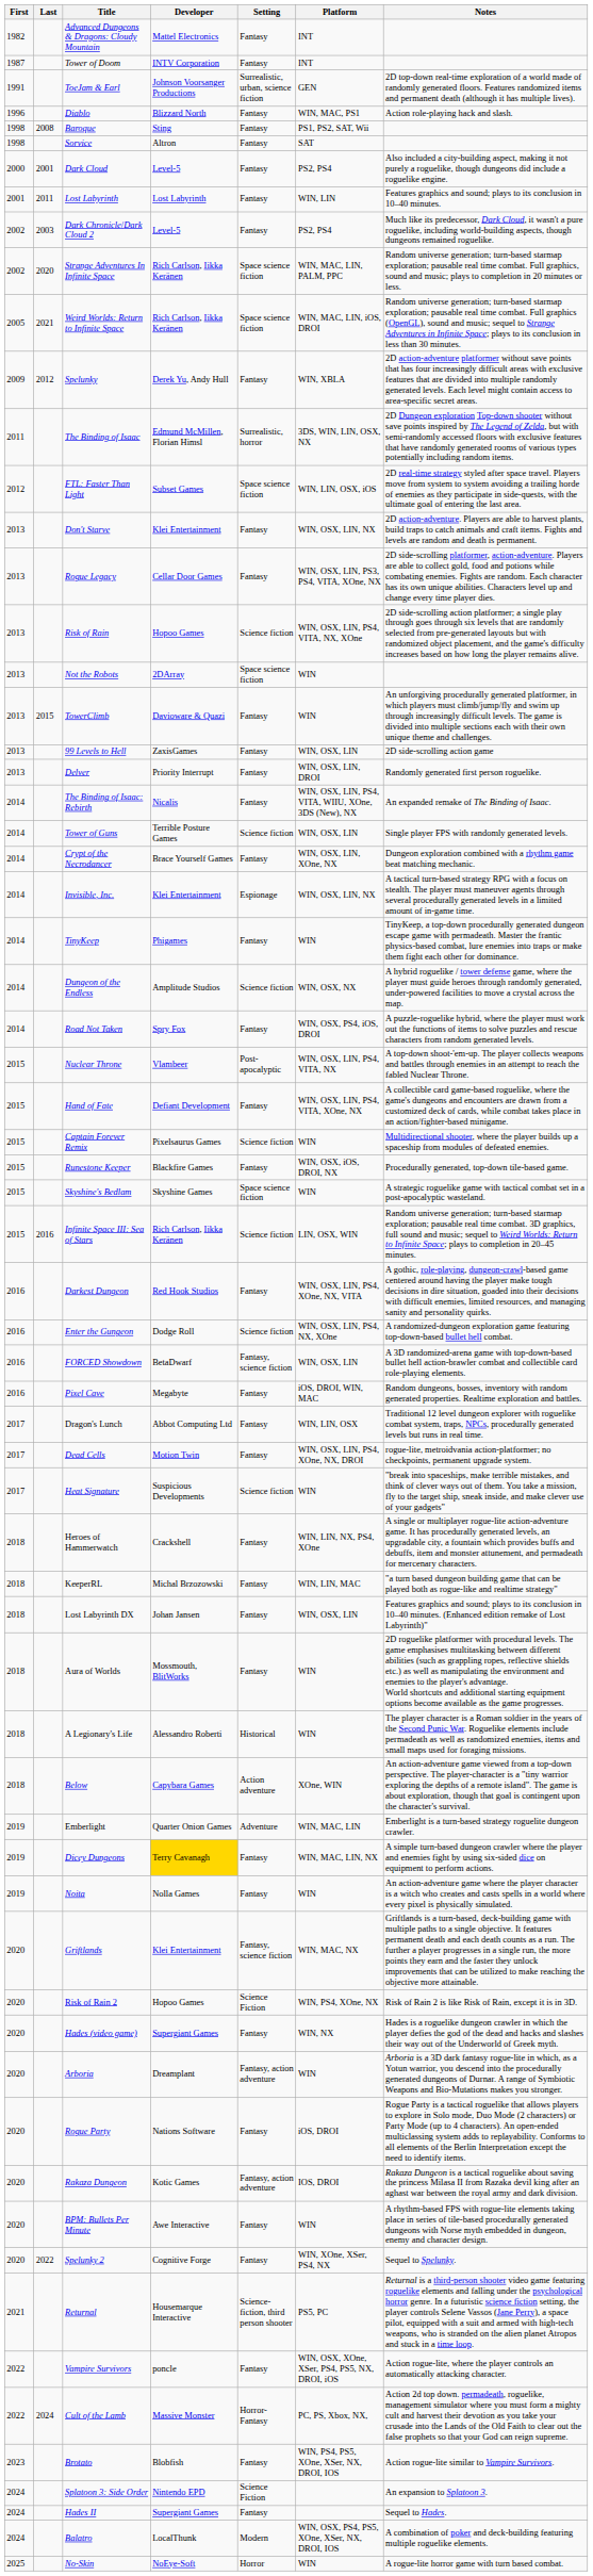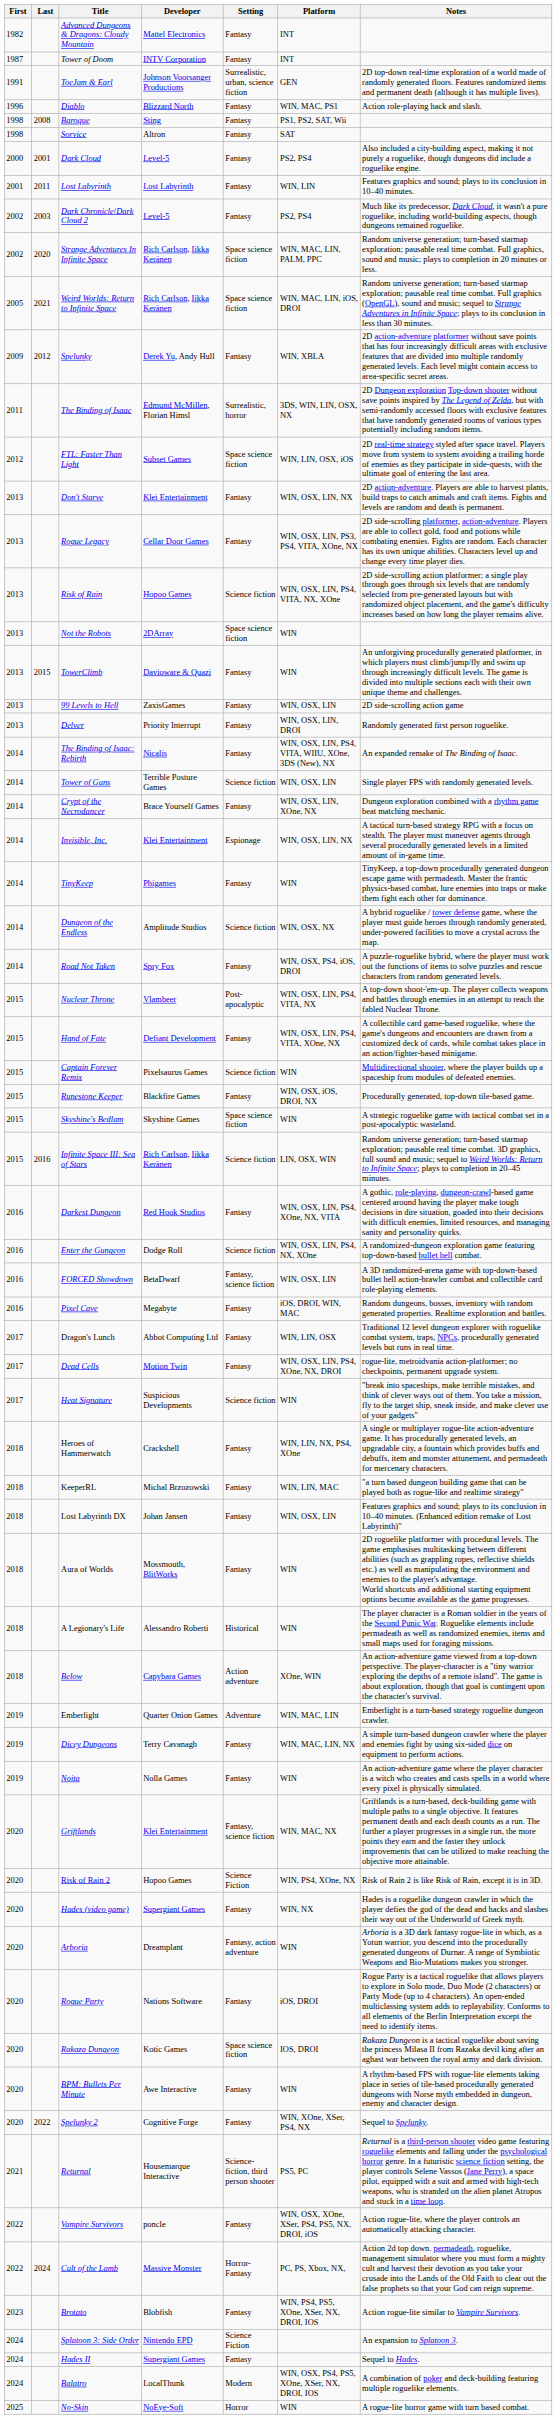 <table class="wikitable sortable" style="font-size:85%;width:100%;">
 <tr>
 <th style="width:5%;">First</th>
 <th style="width:5%;">Last</th>
 <th style="width:15%;">Title</th>
 <th style="width:15%;">Developer</th>
 <th style="width:10%;">Setting</th>
 <th style="width:15%;">Platform</th>
 <th style="width:35%;">Notes</th>
 </tr>
 <tr>
 <td>1982</td>
 <td></td>
 <td><em><a href='#'>Advanced Dungeons & Dragons: Cloudy Mountain</a></em></td>
 <td><a href='#'>Mattel Electronics</a></td>
 <td>Fantasy</td>
 <td>INT</td>
 <td></td>
 </tr>
 <tr>
 <td>1987</td>
 <td></td>
 <td><em>Tower of Doom</em></td>
 <td><a href='#'>INTV Corporation</a></td>
 <td>Fantasy</td>
 <td>INT</td>
 <td></td>
 </tr>
 <tr>
 <td>1991</td>
 <td></td>
 <td><em><a href='#'>ToeJam & Earl</a></em></td>
 <td><a href='#'>Johnson Voorsanger Productions</a></td>
 <td>Surrealistic, urban, science fiction</td>
 <td>GEN</td>
 <td>2D top-down real-time exploration of a world made of randomly generated floors. Features randomized items and permanent death (although it has multiple lives).</td>
 </tr>
 <tr>
 <td>1996</td>
 <td></td>
 <td><em><a href='#'>Diablo</a></em></td>
 <td><a href='#'>Blizzard North</a></td>
 <td>Fantasy</td>
 <td>WIN, MAC, PS1</td>
 <td>Action role-playing hack and slash.</td>
 </tr>
 <tr>
 <td>1998</td>
 <td>2008</td>
 <td><em><a href='#'>Baroque</a></em></td>
 <td><a href='#'>Sting</a></td>
 <td>Fantasy</td>
 <td>PS1, PS2, SAT, Wii</td>
 <td></td>
 </tr>
 <tr>
 <td>1998</td>
 <td></td>
 <td><em><a href='#'>Sorvice</a></em></td>
 <td>Altron</td>
 <td>Fantasy</td>
 <td>SAT</td>
 <td></td>
 </tr>
 <tr>
 <td>2000</td>
 <td>2001</td>
 <td><em><a href='#'>Dark Cloud</a></em></td>
 <td><a href='#'>Level-5</a></td>
 <td>Fantasy</td>
 <td>PS2, PS4</td>
 <td>Also included a city-building aspect, making it not purely a roguelike, though dungeons did include a roguelike engine.</td>
 </tr>
 <tr>
 <td>2001</td>
 <td>2011</td>
 <td><em><a href='#'>Lost Labyrinth</a></em></td>
 <td><a href='#'>Lost Labyrinth</a></td>
 <td>Fantasy</td>
 <td>WIN, LIN</td>
 <td>Features graphics and sound; plays to its conclusion in 10–40 minutes.</td>
 </tr>
 <tr>
 <td>2002</td>
 <td>2003</td>
 <td><a href='#'><em>Dark Chronicle</em>/<em>Dark Cloud 2</em></a></td>
 <td><a href='#'>Level-5</a></td>
 <td>Fantasy</td>
 <td>PS2, PS4</td>
 <td>Much like its predecessor, <em><a href='#'>Dark Cloud</a></em>, it wasn't a pure roguelike, including world-building aspects, though dungeons remained roguelike.</td>
 </tr>
 <tr>
 <td>2002</td>
 <td>2020</td>
 <td><em><a href='#'>Strange Adventures In Infinite Space</a></em></td>
 <td><a href='#'>Rich Carlson</a>, <a href='#'>Iikka Keränen</a></td>
 <td>Space science fiction</td>
 <td>WIN, MAC, LIN, PALM, PPC</td>
 <td>Random universe generation; turn-based starmap exploration; pausable real time combat. Full graphics, sound and music; plays to completion in 20 minutes or less.</td>
 </tr>
 <tr>
 <td>2005</td>
 <td>2021</td>
 <td><em><a href='#'>Weird Worlds: Return to Infinite Space</a></em></td>
 <td><a href='#'>Rich Carlson</a>, <a href='#'>Iikka Keränen</a></td>
 <td>Space science fiction</td>
 <td>WIN, MAC, LIN, iOS, DROI</td>
 <td>Random universe generation; turn-based starmap exploration; pausable real time combat. Full graphics (<a href='#'>OpenGL</a>), sound and music; sequel to <em><a href='#'>Strange Adventures in Infinite Space</a></em>; plays to its conclusion in less than 30 minutes.</td>
 </tr>
 <tr>
 <td>2009</td>
 <td>2012</td>
 <td><em><a href='#'>Spelunky</a></em></td>
 <td><a href='#'>Derek Yu</a>, Andy Hull</td>
 <td>Fantasy</td>
 <td>WIN, XBLA</td>
 <td>2D <a href='#'>action-adventure</a> <a href='#'>platformer</a> without save points that has four increasingly difficult areas with exclusive features that are divided into multiple randomly generated levels. Each level might contain access to area-specific secret areas.</td>
 </tr>
 <tr>
 <td>2011</td>
 <td></td>
 <td><em><a href='#'>The Binding of Isaac</a></em></td>
 <td><a href='#'>Edmund McMillen</a>, Florian Himsl</td>
 <td>Surrealistic, horror</td>
 <td>3DS, WIN, LIN, OSX, NX</td>
 <td>2D <a href='#'>Dungeon exploration</a> <a href='#'>Top-down shooter</a> without save points inspired by <em><a href='#'>The Legend of Zelda</a></em>, but with semi-randomly accessed floors with exclusive features that have randomly generated rooms of various types potentially including random items.</td>
 </tr>
 <tr>
 <td>2012</td>
 <td></td>
 <td><em><a href='#'>FTL: Faster Than Light</a></em></td>
 <td><a href='#'>Subset Games</a></td>
 <td>Space science fiction</td>
 <td>WIN, LIN, OSX, iOS</td>
 <td>2D <a href='#'>real-time strategy</a> styled after space travel. Players move from system to system avoiding a trailing horde of enemies as they participate in side-quests, with the ultimate goal of entering the last area.</td>
 </tr>
 <tr>
 <td>2013</td>
 <td></td>
 <td><em><a href='#'>Don't Starve</a></em></td>
 <td><a href='#'>Klei Entertainment</a></td>
 <td>Fantasy</td>
 <td>WIN, OSX, LIN, NX</td>
 <td>2D <a href='#'>action-adventure</a>.  Players are able to harvest plants, build traps to catch animals and craft items. Fights and levels are random and death is permanent.</td>
 </tr>
 <tr>
 <td>2013</td>
 <td></td>
 <td><em><a href='#'>Rogue Legacy</a></em></td>
 <td><a href='#'>Cellar Door Games</a></td>
 <td>Fantasy</td>
 <td>WIN, OSX, LIN, PS3, PS4, VITA, XOne, NX</td>
 <td>2D side-scrolling <a href='#'>platformer</a>, <a href='#'>action-adventure</a>.  Players are able to collect gold, food and potions while combating enemies. Fights are random. Each character has its own unique abilities. Characters level up and change every time player dies.</td>
 </tr>
 <tr>
 <td>2013</td>
 <td></td>
 <td><em><a href='#'>Risk of Rain</a></em></td>
 <td><a href='#'>Hopoo Games</a></td>
 <td>Science fiction</td>
 <td>WIN, OSX, LIN, PS4, VITA, NX, XOne</td>
 <td>2D side-scrolling action platformer; a single play through goes through six levels that are randomly selected from pre-generated layouts but with randomized object placement, and the game's difficulty increases based on how long the player remains alive.</td>
 </tr>
 <tr>
 <td>2013</td>
 <td></td>
 <td><em><a href='#'>Not the Robots</a></em></td>
 <td><a href='#'>2DArray</a></td>
 <td>Space science fiction</td>
 <td>WIN</td>
 <td></td>
 </tr>
 <tr>
 <td>2013</td>
 <td>2015</td>
 <td><em><a href='#'>TowerClimb</a></em></td>
 <td><a href='#'>Davioware & Quazi</a></td>
 <td>Fantasy</td>
 <td>WIN</td>
 <td>An unforgiving procedurally generated platformer, in which players must climb/jump/fly and swim up through increasingly difficult levels. The game is divided into multiple sections each with their own unique theme and challenges.</td>
 </tr>
 <tr>
 <td>2013</td>
 <td></td>
 <td><em><a href='#'>99 Levels to Hell</a></em></td>
 <td>ZaxisGames</td>
 <td>Fantasy</td>
 <td>WIN, OSX, LIN</td>
 <td>2D side-scrolling action game</td>
 </tr>
 <tr>
 <td>2013</td>
 <td></td>
 <td><em><a href='#'>Delver</a></em></td>
 <td>Priority Interrupt</td>
 <td>Fantasy</td>
 <td>WIN, OSX, LIN, DROI</td>
 <td>Randomly generated first person roguelike.</td>
 </tr>
 <tr>
 <td>2014</td>
 <td></td>
 <td><em><a href='#'>The Binding of Isaac: Rebirth</a></em></td>
 <td><a href='#'>Nicalis</a></td>
 <td>Fantasy</td>
 <td>WIN, OSX, LIN, PS4, VITA, WIIU, XOne, 3DS (New), NX</td>
 <td>An expanded remake of <em>The Binding of Isaac</em>.</td>
 </tr>
 <tr>
 <td>2014</td>
 <td></td>
 <td><em><a href='#'>Tower of Guns</a></em></td>
 <td>Terrible Posture Games</td>
 <td>Science fiction</td>
 <td>WIN, OSX, LIN</td>
 <td>Single player FPS with randomly generated levels.</td>
 </tr>
 <tr>
 <td>2014</td>
 <td></td>
 <td><em><a href='#'>Crypt of the Necrodancer</a></em></td>
 <td>Brace Yourself Games</td>
 <td>Fantasy</td>
 <td>WIN, OSX, LIN, XOne, NX</td>
 <td>Dungeon exploration combined with a <a href='#'>rhythm game</a> beat matching mechanic.</td>
 </tr>
 <tr>
 <td>2014</td>
 <td></td>
 <td><em><a href='#'>Invisible, Inc.</a></em></td>
 <td><a href='#'>Klei Entertainment</a></td>
 <td>Espionage</td>
 <td>WIN, OSX, LIN, NX</td>
 <td>A tactical turn-based strategy RPG with a focus on stealth. The player must maneuver agents through several procedurally generated levels in a limited amount of in-game time.</td>
 </tr>
 <tr>
 <td>2014</td>
 <td></td>
 <td><em><a href='#'>TinyKeep</a></em></td>
 <td><a href='#'>Phigames</a></td>
 <td>Fantasy</td>
 <td>WIN</td>
 <td>TinyKeep, a top-down procedurally generated dungeon escape game with permadeath. Master the frantic physics-based combat, lure enemies into traps or make them fight each other for dominance. </td>
 </tr>
 <tr>
 <td>2014</td>
 <td></td>
 <td><em><a href='#'>Dungeon of the Endless</a></em></td>
 <td>Amplitude Studios</td>
 <td>Science fiction</td>
 <td>WIN, OSX, NX</td>
 <td>A hybrid roguelike / <a href='#'>tower defense</a> game, where the player must guide heroes through randomly generated, under-powered facilities to move a crystal across the map.</td>
 </tr>
 <tr>
 <td>2014</td>
 <td></td>
 <td><em><a href='#'>Road Not Taken</a></em></td>
 <td><a href='#'>Spry Fox</a></td>
 <td>Fantasy</td>
 <td>WIN, OSX, PS4, iOS, DROI</td>
 <td>A puzzle-roguelike hybrid, where the player must work out the functions of items to solve puzzles and rescue characters from random generated levels.</td>
 </tr>
 <tr>
 <td>2015</td>
 <td></td>
 <td><em><a href='#'>Nuclear Throne</a></em></td>
 <td><a href='#'>Vlambeer</a></td>
 <td>Post-apocalyptic</td>
 <td>WIN, OSX, LIN, PS4, VITA, NX</td>
 <td>A top-down shoot-'em-up. The player collects weapons and battles through enemies in an attempt to reach the fabled Nuclear Throne.</td>
 </tr>
 <tr>
 <td>2015</td>
 <td></td>
 <td><em><a href='#'>Hand of Fate</a></em></td>
 <td><a href='#'>Defiant Development</a></td>
 <td>Fantasy</td>
 <td>WIN, OSX, LIN, PS4, VITA, XOne, NX</td>
 <td>A collectible card game-based roguelike, where the game's dungeons and encounters are drawn from a customized deck of cards, while combat takes place in an action/fighter-based minigame.</td>
 </tr>
 <tr>
 <td>2015</td>
 <td></td>
 <td><em><a href='#'>Captain Forever Remix</a></em></td>
 <td>Pixelsaurus Games</td>
 <td>Science fiction</td>
 <td>WIN</td>
 <td><a href='#'>Multidirectional shooter</a>, where the player builds up a spaceship from modules of defeated enemies.</td>
 </tr>
 <tr>
 <td>2015</td>
 <td></td>
 <td><em><a href='#'>Runestone Keeper</a></em></td>
 <td>Blackfire Games</td>
 <td>Fantasy</td>
 <td>WIN, OSX, iOS, DROI, NX</td>
 <td>Procedurally generated, top-down tile-based game.</td>
 </tr>
 <tr>
 <td>2015</td>
 <td></td>
 <td><em><a href='#'>Skyshine's Bedlam</a></em></td>
 <td>Skyshine Games</td>
 <td>Space science fiction</td>
 <td>WIN</td>
 <td>A strategic roguelike game with tactical combat set in a post-apocalyptic wasteland.</td>
 </tr>
 <tr>
 <td>2015</td>
 <td>2016</td>
 <td><em><a href='#'>Infinite Space III: Sea of Stars</a></em></td>
 <td><a href='#'>Rich Carlson</a>, <a href='#'>Iikka Keränen</a></td>
 <td>Science fiction</td>
 <td>LIN, OSX, WIN</td>
 <td>Random universe generation; turn-based starmap exploration; pausable real time combat. 3D graphics, full sound and music; sequel to <em><a href='#'>Weird Worlds: Return to Infinite Space</a></em>; plays to completion in 20–45 minutes.</td>
 </tr>
 <tr>
 <td>2016</td>
 <td></td>
 <td><em><a href='#'>Darkest Dungeon</a></em></td>
 <td><a href='#'>Red Hook Studios</a></td>
 <td>Fantasy</td>
 <td>WIN, OSX, LIN, PS4, XOne, NX, VITA</td>
 <td>A gothic, <a href='#'>role-playing</a>, <a href='#'>dungeon-crawl</a>-based game centered around having the player make tough decisions in dire situation, goaded into their decisions with difficult enemies, limited resources, and managing sanity and personality quirks.</td>
 </tr>
 <tr>
 <td>2016</td>
 <td></td>
 <td><em><a href='#'>Enter the Gungeon</a></em></td>
 <td>Dodge Roll</td>
 <td>Science fiction</td>
 <td>WIN, OSX, LIN, PS4, NX, XOne</td>
 <td>A randomized-dungeon exploration game featuring top-down-based <a href='#'>bullet hell</a> combat.</td>
 </tr>
 <tr>
 <td>2016</td>
 <td></td>
 <td><em><a href='#'>FORCED Showdown</a></em></td>
 <td>BetaDwarf</td>
 <td>Fantasy, science fiction</td>
 <td>WIN, OSX, LIN</td>
 <td>A 3D randomized-arena game with top-down-based bullet hell action-brawler combat and collectible card role-playing elements.</td>
 </tr>
 <tr>
 <td>2016</td>
 <td></td>
 <td><em><a href='#'>Pixel Cave</a></em></td>
 <td>Megabyte</td>
 <td>Fantasy</td>
 <td>iOS, DROI, WIN, MAC</td>
 <td>Random dungeons, bosses, inventory with random generated properties. Realtime exploration and battles.</td>
 </tr>
 <tr>
 <td>2017</td>
 <td></td>
 <td>Dragon's Lunch</td>
 <td>Abbot Computing Ltd</td>
 <td>Fantasy</td>
 <td>WIN, LIN, OSX</td>
 <td>Traditional 12 level dungeon explorer with roguelike combat system, traps, <a href='#'>NPCs</a>, procedurally generated levels but runs in real time.</td>
 </tr>
 <tr>
 <td>2017</td>
 <td></td>
 <td><em><a href='#'>Dead Cells</a></em></td>
 <td><a href='#'>Motion Twin</a></td>
 <td>Fantasy</td>
 <td>WIN, OSX, LIN, PS4, XOne, NX, DROI</td>
 <td>rogue-lite, metroidvania action-platformer; no checkpoints, permanent upgrade system.</td>
 </tr>
 <tr>
 <td>2017</td>
 <td></td>
 <td><a href='#'><em>Heat Signature</em></a></td>
 <td>Suspicious Developments</td>
 <td>Science fiction</td>
 <td>WIN</td>
 <td>"break into spaceships, make terrible mistakes, and think of clever ways out of them. You take a mission, fly to the target ship, sneak inside, and make clever use of your gadgets"</td>
 </tr>
 <tr>
 <td>2018</td>
 <td></td>
 <td>Heroes of Hammerwatch</td>
 <td>Crackshell</td>
 <td>Fantasy</td>
 <td>WIN, LIN, NX, PS4, XOne</td>
 <td>A single or multiplayer rogue-lite action-adventure game. It has procedurally generated levels, an upgradable city, a fountain which provides buffs and debuffs, item and monster attunement, and permadeath for mercenary characters.</td>
 </tr>
 <tr>
 <td>2018</td>
 <td></td>
 <td>KeeperRL</td>
 <td>Michal Brzozowski</td>
 <td>Fantasy</td>
 <td>WIN, LIN, MAC</td>
 <td>"a turn based dungeon building game that can be played both as rogue-like and realtime strategy"</td>
 </tr>
 <tr>
 <td>2018</td>
 <td></td>
 <td>Lost Labyrinth DX</td>
 <td>Johan Jansen</td>
 <td>Fantasy</td>
 <td>WIN, OSX, LIN</td>
 <td>Features graphics and sound; plays to its conclusion in 10–40 minutes. (Enhanced edition remake of Lost Labyrinth)"</td>
 </tr>
 <tr>
 <td>2018</td>
 <td></td>
 <td>Aura of Worlds</td>
 <td>Mossmouth, <a href='#'>BlitWorks</a></td>
 <td>Fantasy</td>
 <td>WIN</td>
 <td>2D roguelike platformer with procedural levels. The game emphasises multitasking between different abilities (such as grappling ropes, reflective shields etc.) as well as manipulating the environment and enemies to the player's advantage.<br>World shortcuts and additional starting equipment options become available as the game progresses.  </td>
 </tr>
 <tr>
 <td>2018</td>
 <td></td>
 <td>A Legionary's Life</td>
 <td>Alessandro Roberti</td>
 <td>Historical</td>
 <td>WIN</td>
 <td>The player character is a Roman soldier in the years of the <a href='#'>Second Punic War</a>. Roguelike elements include permadeath as well as randomized enemies, items and small maps used for foraging missions.</td>
 </tr>
 <tr>
 <td>2018</td>
 <td></td>
 <td><em><a href='#'>Below</a></em></td>
 <td><a href='#'>Capybara Games</a></td>
 <td>Action adventure</td>
 <td>XOne, WIN</td>
 <td>An action-adventure game viewed from a top-down perspective. The player-character is a "tiny warrior exploring the depths of a remote island". The game is about exploration, though that goal is contingent upon the character's survival.</td>
 </tr>
 <tr>
 <td>2019</td>
 <td></td>
 <td>Emberlight</td>
 <td>Quarter Onion Games</td>
 <td>Adventure</td>
 <td>WIN, MAC, LIN</td>
 <td>Emberlight is a turn-based strategy roguelite dungeon crawler.</td>
 </tr>
 <tr>
 <td>2019</td>
 <td></td>
 <td><em><a href='#'>Dicey Dungeons</a></em></td>
-<td style="background: gold;">Terry Cavanagh</td>
+<td>Terry Cavanagh</td>
 <td>Fantasy</td>
 <td>WIN, MAC, LIN, NX</td>
 <td>A simple turn-based dungeon crawler where the player and enemies fight by using six-sided <a href='#'>dice</a> on equipment to perform actions.</td>
 </tr>
 <tr>
 <td>2019</td>
 <td></td>
 <td><em><a href='#'>Noita</a></em></td>
 <td>Nolla Games</td>
 <td>Fantasy</td>
 <td>WIN</td>
 <td>An action-adventure game where the player character is a witch who creates and casts spells in a world where every pixel is physically simulated.</td>
 </tr>
 <tr>
 <td>2020</td>
 <td></td>
 <td><em><a href='#'>Griftlands</a></em></td>
 <td><a href='#'>Klei Entertainment</a></td>
 <td>Fantasy, science fiction</td>
 <td>WIN, MAC, NX</td>
 <td>Griftlands is a turn-based, deck-building game with multiple paths to a single objective. It features permanent death and each death counts as a run. The further a player progresses in a single run, the more points they earn and the faster they unlock improvements that can be utilized to make reaching the objective more attainable.</td>
 </tr>
 <tr>
 <td>2020</td>
 <td></td>
 <td><a href='#'>Risk of Rain 2</a></td>
 <td>Hopoo Games</td>
 <td>Science Fiction</td>
 <td>WIN, PS4, XOne, NX</td>
 <td>Risk of Rain 2 is like Risk of Rain, except it is in 3D.</td>
 </tr>
 <tr>
 <td>2020</td>
 <td></td>
 <td><em><a href='#'>Hades (video game)</a></em></td>
 <td><a href='#'>Supergiant Games</a></td>
 <td>Fantasy</td>
 <td>WIN, NX</td>
 <td>Hades is a roguelike dungeon crawler in which the player defies the god of the dead and hacks and slashes their way out of the Underworld of Greek myth.</td>
 </tr>
 <tr>
 <td>2020</td>
 <td></td>
 <td><em><a href='#'>Arboria</a></em></td>
 <td>Dreamplant</td>
 <td>Fantasy, action adventure</td>
 <td>WIN</td>
 <td><em>Arboria</em> is a 3D dark fantasy rogue-lite in which, as a Yotun warrior, you descend into the procedurally generated dungeons of Durnar. A range of Symbiotic Weapons and Bio-Mutations makes you stronger.</td>
 </tr>
 <tr>
 <td>2020</td>
 <td></td>
 <td><em><a href='#'>Rogue Party</a></em></td>
 <td>Nations Software</td>
 <td>Fantasy</td>
 <td>iOS, DROI</td>
 <td>Rogue Party is a tactical roguelike that allows players to explore in Solo mode, Duo Mode (2 characters) or Party Mode (up to 4 characters). An open-ended multiclassing system adds to replayability. Conforms to all elements of the Berlin Interpretation except the need to identify items.</td>
 </tr>
 <tr>
 <td>2020</td>
 <td></td>
 <td><em><a href='#'>Rakaza Dungeon</a></em></td>
 <td>Kotic Games</td>
-<td>Fantasy, action adventure</td>
+<td>Space science fiction</td>
 <td>IOS, DROI</td>
 <td><em>Rakaza Dungeon</em> is a tactical roguelike about saving the princess Milasa II from Razaka devil king after an aghast war between the royal army and dark division.</td>
 </tr>
 <tr>
 <td>2020</td>
 <td></td>
 <td><em><a href='#'>BPM: Bullets Per Minute</a></em></td>
 <td>Awe Interactive</td>
 <td>Fantasy</td>
 <td>WIN</td>
 <td>A rhythm-based FPS with rogue-lite elements taking place in series of tile-based procedurally generated dungeons with Norse myth embedded in dungeon, enemy and character design.</td>
 </tr>
 <tr>
 <td>2020</td>
 <td>2022</td>
 <td><em><a href='#'>Spelunky 2</a></em></td>
 <td>Cognitive Forge</td>
 <td>Fantasy</td>
 <td>WIN, XOne, XSer, PS4, NX</td>
 <td>Sequel to <em><a href='#'>Spelunky</a></em>.</td>
 </tr>
 <tr>
 <td>2021</td>
 <td></td>
 <td><em><a href='#'>Returnal</a></em></td>
 <td>Housemarque Interactive</td>
 <td>Science-fiction, third person shooter</td>
 <td>PS5, PC</td>
 <td><em>Returnal</em> is a <a href='#'>third-person shooter</a> video game featuring <a href='#'>roguelike</a> elements and falling under the <a href='#'>psychological horror</a> genre. In a futuristic <a href='#'>science fiction</a> setting, the player controls Selene Vassos (<a href='#'>Jane Perry</a>), a space pilot, equipped with a suit and armed with high-tech weapons, who is stranded on the alien planet Atropos and stuck in a <a href='#'>time loop</a>.</td>
 </tr>
 <tr>
 <td>2022</td>
 <td></td>
 <td><em><a href='#'>Vampire Survivors</a></em></td>
 <td>poncle</td>
 <td>Fantasy</td>
 <td>WIN, OSX, XOne, XSer, PS4, PS5, NX, DROI, iOS</td>
 <td>Action rogue-lite, where the player controls an automatically attacking character.</td>
 </tr>
 <tr>
 <td>2022</td>
 <td>2024</td>
 <td><em><a href='#'>Cult of the Lamb</a></em></td>
 <td><a href='#'>Massive Monster</a></td>
 <td>Horror-Fantasy</td>
 <td>PC, PS, Xbox, NX,</td>
 <td>Action 2d top down. <a href='#'>permadeath</a>, roguelike, management simulator where you must form a mighty cult and harvest their devotion as you take your crusade into the Lands of the Old Faith to clear out the false prophets so that your God can reign supreme.</td>
 </tr>
 <tr>
 <td>2023</td>
 <td></td>
 <td><em><a href='#'>Brotato</a></em></td>
 <td>Blobfish</td>
 <td>Fantasy</td>
 <td>WIN, PS4, PS5, XOne, XSer, NX, DROI, IOS</td>
 <td>Action rogue-lite similar to <em><a href='#'>Vampire Survivors</a></em>.</td>
 </tr>
 <tr>
 <td>2024</td>
 <td></td>
 <td><em><a href='#'>Splatoon 3: Side Order</a></em></td>
 <td><a href='#'>Nintendo EPD</a></td>
 <td>Science Fiction</td>
 <td></td>
 <td>An expansion to <em><a href='#'>Splatoon 3</a></em>.</td>
 </tr>
 <tr>
 <td>2024</td>
 <td></td>
 <td><em><a href='#'>Hades II</a></em></td>
 <td><a href='#'>Supergiant Games</a></td>
 <td>Fantasy</td>
 <td></td>
 <td>Sequel to <a href='#'><em>Hades</em></a>.</td>
 </tr>
 <tr>
 <td>2024</td>
 <td></td>
 <td><a href='#'><em>Balatro</em></a></td>
 <td>LocalThunk</td>
 <td>Modern</td>
 <td>WIN, OSX, PS4, PS5, XOne, XSer, NX, DROI, IOS</td>
 <td>A combination of <a href='#'>poker</a> and deck-building featuring multiple roguelike elements.</td>
 </tr>
 <tr>
 <td>2025</td>
 <td></td>
 <td><em><a href='#'>No-Skin</a></em></td>
 <td><a href='#'>NoEye-Soft</a></td>
 <td>Horror</td>
 <td>WIN</td>
 <td>A rogue-lite horror game with turn based combat.</td>
 </tr>
 </table>
